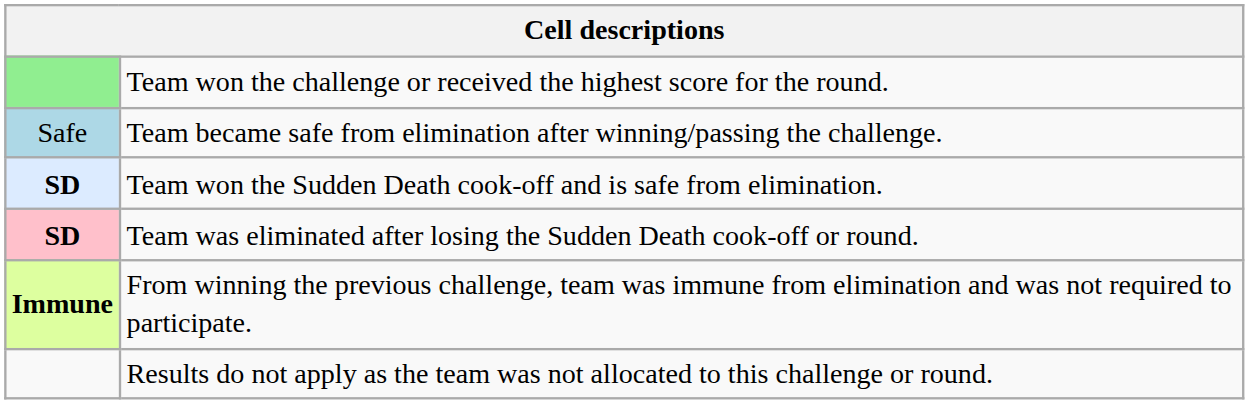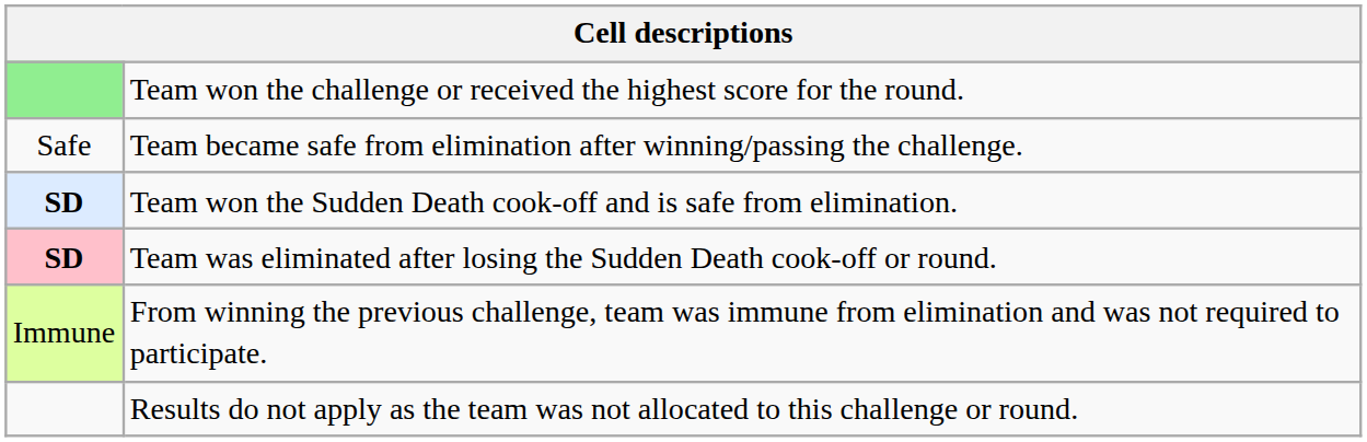 <table class="wikitable" style="margin: auto; text-align: left; font-size: 9pt; line-height:16px; width:60%">
 <tr>
 <th colspan="2">Cell descriptions</th>
 </tr>
 <tr>
 <td style="background:lightgreen; text-align:center"></td>
 <td>Team won the challenge or received the highest score for the round.</td>
 </tr>
 <tr>
-<td style="background: lightblue; text-align:center">Safe</td>
+<td style="text-align:center">Safe</td>
 <td>Team became safe from elimination after winning/passing the challenge.</td>
 </tr>
 <tr>
 <td style="text-align:center; background:#DCEBFF;"><strong>SD</strong></td>
 <td>Team won the Sudden Death cook-off and is safe from elimination.</td>
 </tr>
 <tr>
 <td style="text-align:center; background:pink;"><strong>SD</strong></td>
 <td>Team was eliminated after losing the Sudden Death cook-off or round.</td>
 </tr>
 <tr>
-<td style="text-align:center" bgcolor="DDFF9F"><strong>Immune</strong></td>
+<td style="text-align:center" bgcolor="DDFF9F">Immune</td>
 <td>From winning the previous challenge, team was immune from elimination and was not required to participate.</td>
 </tr>
 <tr>
 <td></td>
 <td>Results do not apply as the team was not allocated to this challenge or round.</td>
 </tr>
 </table>
